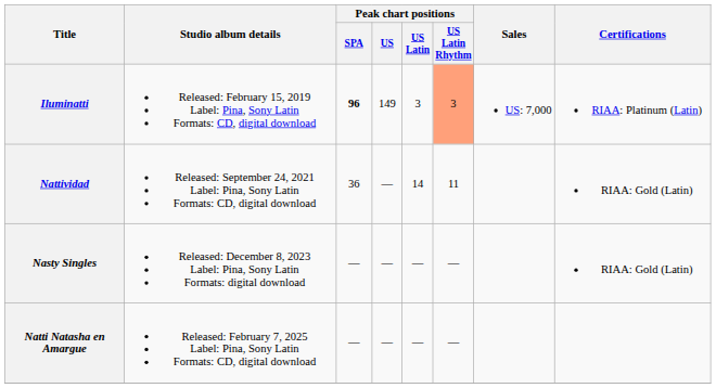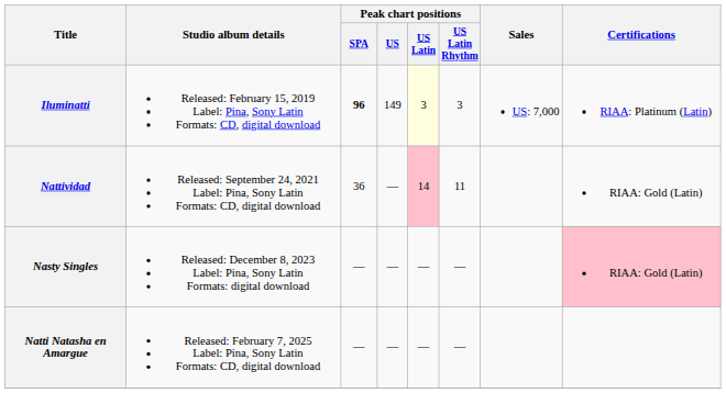 <table class="wikitable plainrowheaders" style="text-align:center;">
 <tr>
 <th scope="col" style="width:10em;" rowspan="2">Title</th>
 <th scope="col" style="width:18em;" rowspan="2">Studio album details</th>
 <th scope="col" colspan="4">Peak chart positions</th>
 <th scope="col" rowspan="2">Sales</th>
 <th scope="col" rowspan="2" style="width:13.2em;"><a href='#'>Certifications</a></th>
 </tr>
 <tr>
 <th scope="col" style="width:3em;font-size:90%;"><a href='#'>SPA</a><br></th>
 <th scope="col" style="width:2.5em;font-size:90%;"><a href='#'>US</a><br></th>
 <th scope="col" style="width:2.5em;font-size:90%;"><a href='#'>US<br>Latin</a><br></th>
 <th scope="col" style="width:2.5em;font-size:90%;"><a href='#'>US<br>Latin Rhythm</a><br></th>
 </tr>
 <tr>
 <th scope="row"><em><a href='#'>Iluminatti</a></em></th>
 <td><br><ul><li>Released: February 15, 2019</li><li>Label: <a href='#'>Pina</a>, <a href='#'>Sony Latin</a></li><li>Formats: <a href='#'>CD</a>, <a href='#'>digital download</a></li></ul></td>
 <td><strong>96</strong></td>
 <td>149</td>
+<td style="background: lightyellow;">3</td>
 <td>3</td>
-<td style="background: lightsalmon;">3</td>
 <td><br><ul><li><a href='#'>US</a>: 7,000</li></ul></td>
 <td><br><ul><li><a href='#'>RIAA</a>: Platinum <span>(<a href='#'>Latin</a>)</span></li></ul></td>
 </tr>
 <tr>
 <th scope="row"><em><a href='#'>Nattividad</a></em></th>
 <td><br><ul><li>Released: September 24, 2021</li><li>Label: Pina, Sony Latin</li><li>Formats: CD, digital download</li></ul></td>
 <td>36</td>
 <td>—</td>
-<td>14</td>
+<td style="background: pink;">14</td>
 <td>11</td>
 <td></td>
 <td><br><ul><li>RIAA: Gold <span>(Latin)</span></li></ul></td>
 </tr>
 <tr>
 <th scope="row"><em>Nasty Singles</em></th>
 <td><br><ul><li>Released: December 8, 2023</li><li>Label: Pina, Sony Latin</li><li>Formats: digital download</li></ul></td>
 <td>—</td>
 <td>—</td>
 <td>—</td>
 <td>—</td>
 <td></td>
-<td><br><ul><li>RIAA: Gold <span>(Latin)</span></li></ul></td>
+<td style="background: pink;"><br><ul><li>RIAA: Gold <span>(Latin)</span></li></ul></td>
 </tr>
 <tr>
 <th scope="row"><em>Natti Natasha en Amargue</em></th>
 <td><br><ul><li>Released: February 7, 2025</li><li>Label: Pina, Sony Latin</li><li>Formats: CD, digital download</li></ul></td>
 <td>—</td>
 <td>—</td>
 <td>—</td>
 <td>—</td>
 <td></td>
 <td></td>
 </tr>
 <tr>
 </tr>
 </table>
